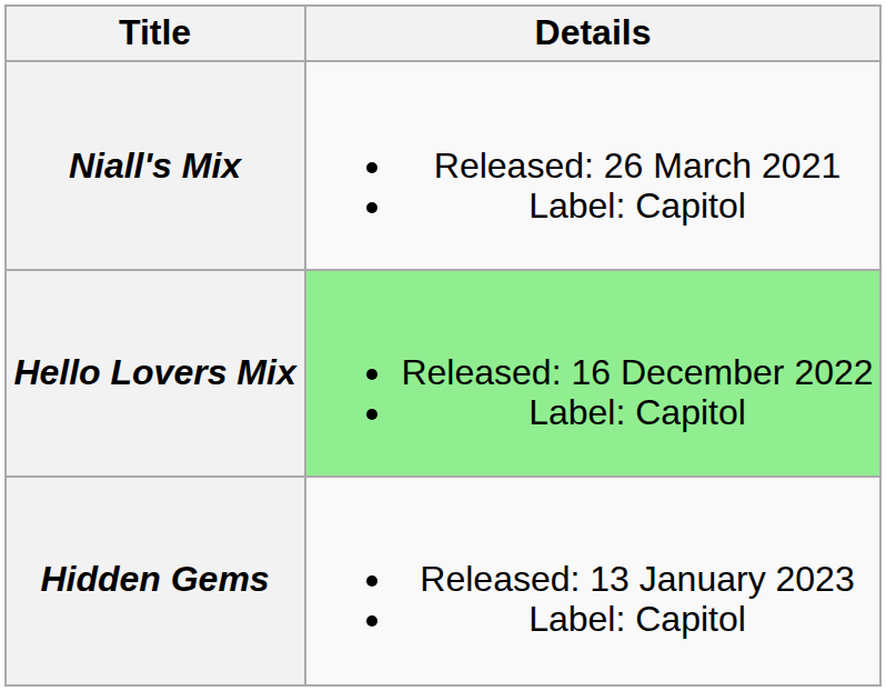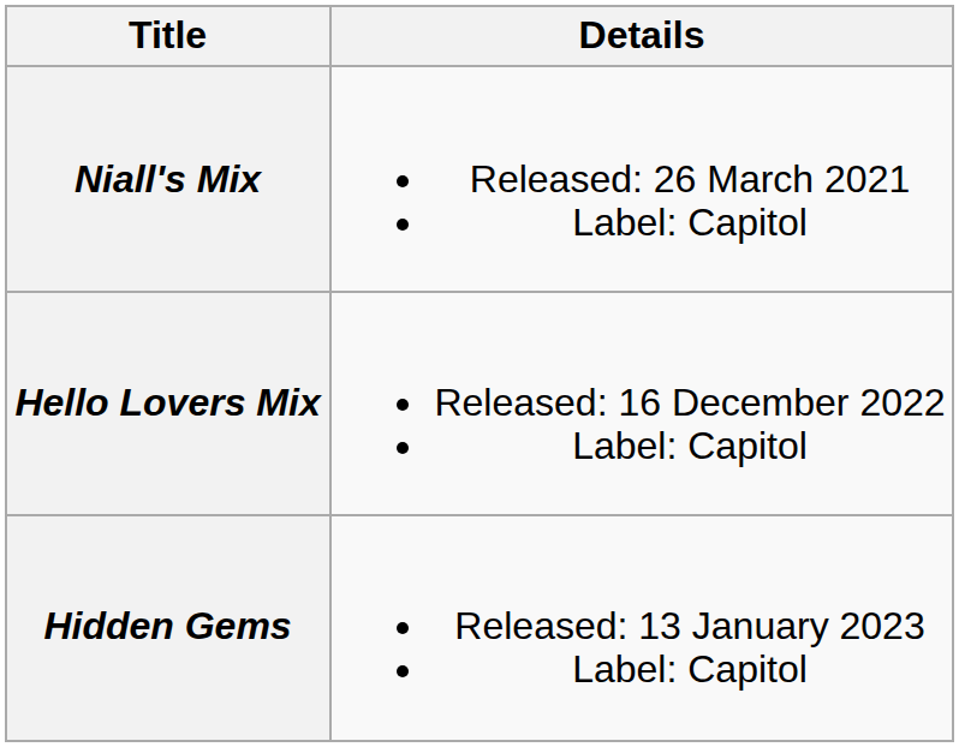 <table class="wikitable plainrowheaders" style="text-align:center;">
 <tr>
 <th scope="col">Title</th>
 <th scope="col">Details</th>
 </tr>
 <tr>
 <th scope="row"><em>Niall's Mix</em></th>
 <td><br><ul><li>Released: 26 March 2021</li><li>Label: Capitol</li></ul></td>
 </tr>
 <tr>
 <th scope="row"><em>Hello Lovers Mix</em></th>
-<td style="background: lightgreen;"><br><ul><li>Released: 16 December 2022</li><li>Label: Capitol</li></ul></td>
+<td><br><ul><li>Released: 16 December 2022</li><li>Label: Capitol</li></ul></td>
 </tr>
 <tr>
 <th scope="row"><em>Hidden Gems</em></th>
 <td><br><ul><li>Released: 13 January 2023</li><li>Label: Capitol</li></ul></td>
 </tr>
 </table>
